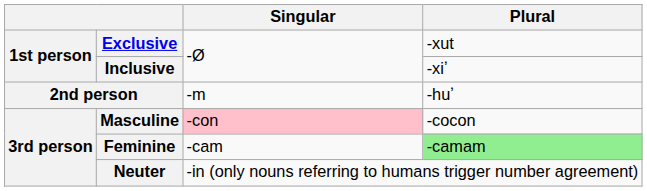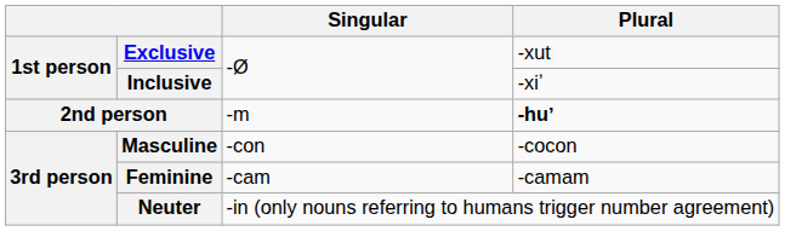 <table class="wikitable">
 <tr>
 <th colspan="2"></th>
 <th>Singular</th>
 <th>Plural</th>
 </tr>
 <tr>
 <th rowspan="2">1st person</th>
 <th><a href='#'>Exclusive</a></th>
 <td rowspan="2">-Ø</td>
 <td>-xut</td>
 </tr>
 <tr>
 <th>Inclusive</th>
 <td>-xiʼ</td>
 </tr>
 <tr>
 <th colspan="2">2nd person</th>
 <td>-m</td>
-<td>-huʼ</td>
+<td><strong>-huʼ</strong></td>
 </tr>
 <tr>
 <th rowspan="3">3rd person</th>
 <th>Masculine</th>
-<td style="background: pink;">-con</td>
+<td>-con</td>
 <td>-cocon</td>
 </tr>
 <tr>
 <th>Feminine</th>
 <td>-cam</td>
-<td style="background: lightgreen;">-camam</td>
+<td>-camam</td>
 </tr>
 <tr>
 <th>Neuter</th>
 <td colspan="2">-in (only nouns referring to humans trigger number agreement)</td>
 </tr>
 </table>
